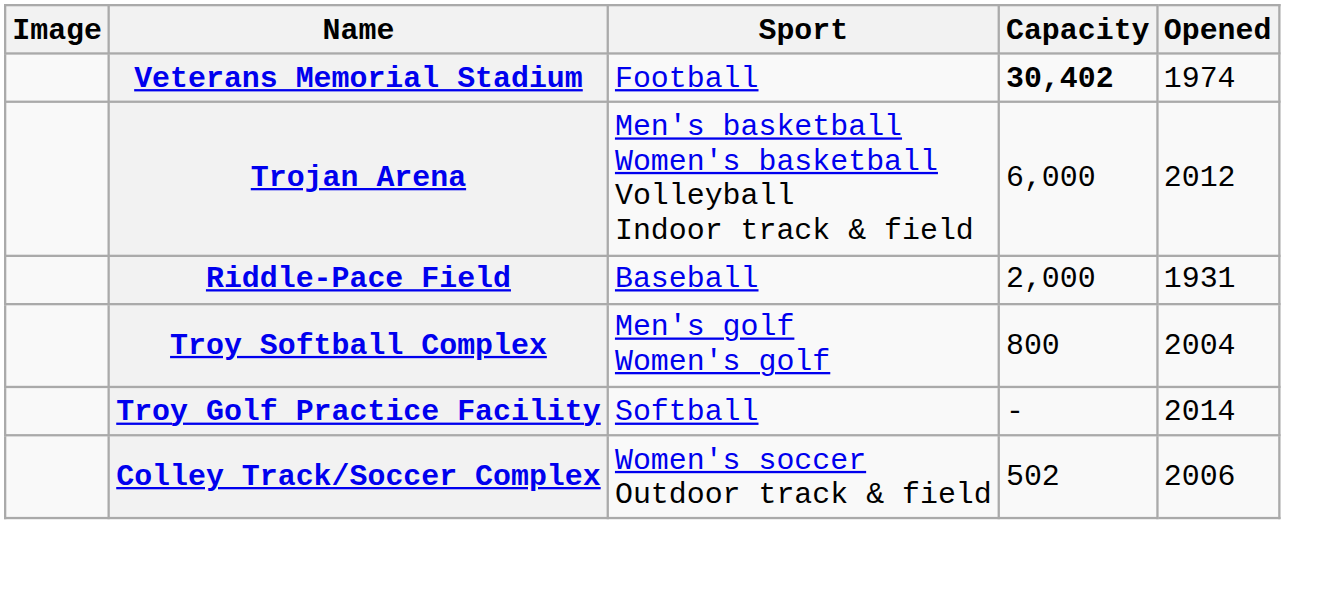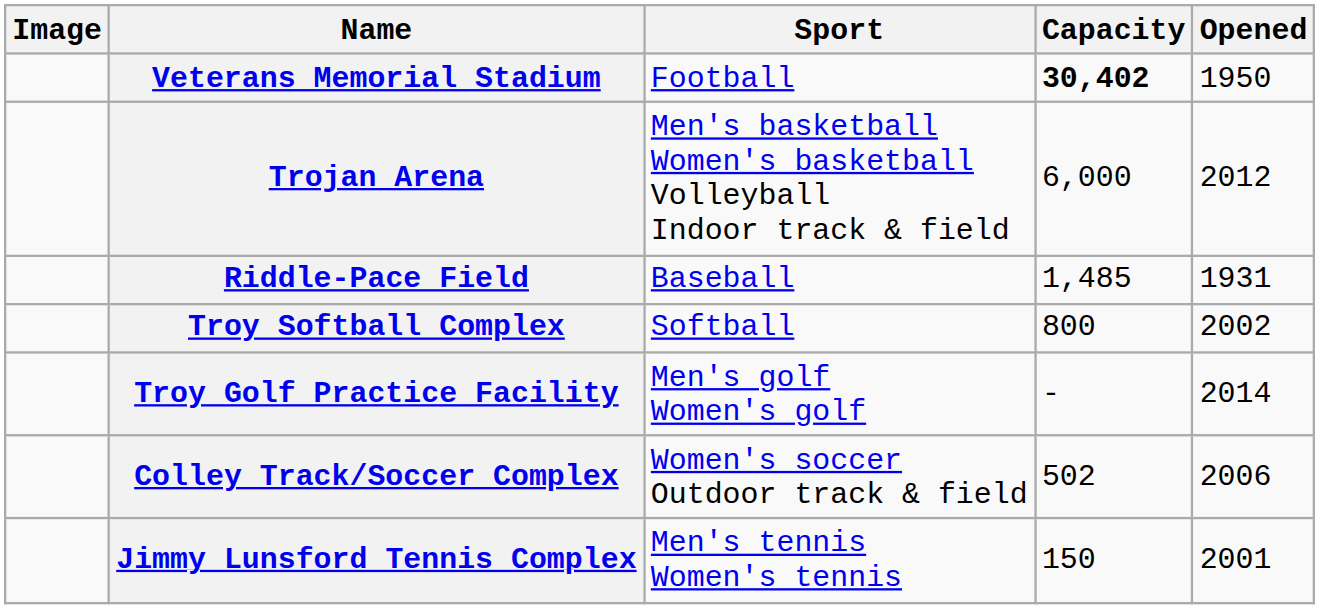 <table class="wikitable sortable plainrowheaders">
 <tr>
 <th>Image</th>
 <th>Name</th>
 <th>Sport</th>
 <th>Capacity</th>
 <th>Opened</th>
 </tr>
 <tr>
 <td></td>
 <th scope="row"><a href='#'>Veterans Memorial Stadium</a></th>
 <td><a href='#'>Football</a></td>
 <td><strong>30,402</strong></td>
-<td>1974</td>
+<td>1950</td>
 </tr>
 <tr>
 <td></td>
 <th scope="row"><a href='#'>Trojan Arena</a></th>
 <td><a href='#'>Men's basketball</a><br><a href='#'>Women's basketball</a><br>Volleyball<br>Indoor track & field</td>
 <td>6,000</td>
 <td>2012</td>
 </tr>
 <tr>
 <td></td>
 <th scope="row"><a href='#'>Riddle-Pace Field</a></th>
 <td><a href='#'>Baseball</a></td>
-<td>2,000</td>
+<td>1,485</td>
 <td>1931</td>
 </tr>
 <tr>
 <td></td>
 <th scope="row"><a href='#'>Troy Softball Complex</a></th>
-<td><a href='#'>Men's golf</a><br><a href='#'>Women's golf</a></td>
+<td><a href='#'>Softball</a></td>
 <td>800</td>
-<td>2004</td>
+<td>2002</td>
 </tr>
 <tr>
 <td></td>
 <th scope="row"><a href='#'>Troy Golf Practice Facility</a></th>
-<td><a href='#'>Softball</a></td>
+<td><a href='#'>Men's golf</a><br><a href='#'>Women's golf</a></td>
 <td>-</td>
 <td>2014</td>
 </tr>
 <tr>
 <td></td>
 <th scope="row"><a href='#'>Colley Track/Soccer Complex</a></th>
 <td><a href='#'>Women's soccer</a><br>Outdoor track & field</td>
 <td>502</td>
 <td>2006</td>
 </tr>
+<tr>
+<td></td>
+<th scope="row"><a href='#'>Jimmy Lunsford Tennis Complex</a></th>
+<td><a href='#'>Men's tennis</a><br><a href='#'>Women's tennis</a></td>
+<td>150</td>
+<td>2001</td>
+</tr>
 </table>
